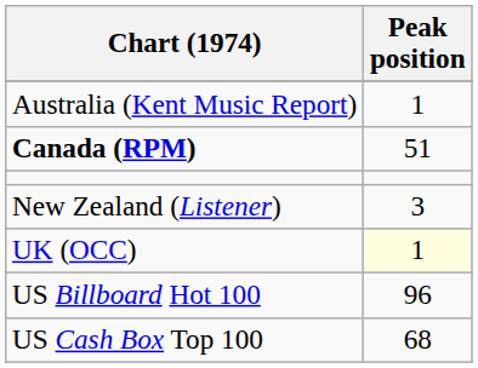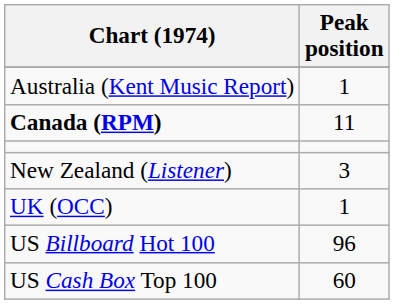 <table class="wikitable sortable">
 <tr>
 <th>Chart (1974)</th>
 <th>Peak<br>position</th>
 </tr>
 <tr>
 </tr>
 <tr>
 <td>Australia (<a href='#'>Kent Music Report</a>)</td>
 <td style="text-align:center;">1</td>
 </tr>
 <tr>
 <td><strong>Canada (<a href='#'>RPM</a>)</strong></td>
-<td style="text-align:center;">51</td>
+<td style="text-align:center;">11</td>
 </tr>
 <tr>
 <td></td>
 </tr>
 <tr>
 <td>New Zealand (<em><a href='#'>Listener</a></em>)</td>
 <td style="text-align:center;">3</td>
 </tr>
 <tr>
 <td><a href='#'>UK</a> (<a href='#'>OCC</a>)</td>
-<td style="background: lightyellow; text-align:center;">1</td>
+<td style="text-align:center;">1</td>
 </tr>
 <tr>
 <td>US <em><a href='#'>Billboard</a></em> <a href='#'>Hot 100</a></td>
 <td style="text-align:center;">96</td>
 </tr>
 <tr>
 <td>US <a href='#'><em>Cash Box</em></a> Top 100</td>
-<td align="center">68</td>
+<td align="center">60</td>
 </tr>
 </table>
